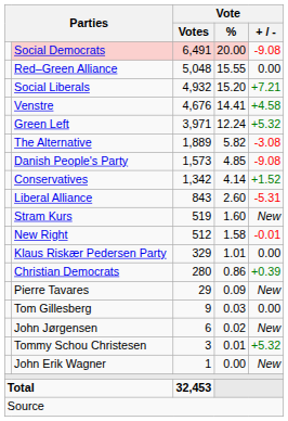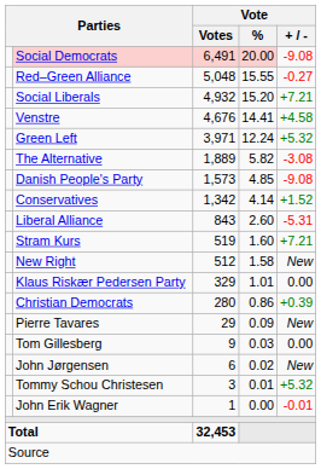 <table class="wikitable" style="text-align:right;">
 <tr>
 <th style="text-align:centre;" rowspan="2" colspan="2" width="225">Parties</th>
 <th colspan="3">Vote</th>
 </tr>
 <tr>
 <th width="15">Votes</th>
 <th width="15">%</th>
 <th width="15">+ / -</th>
 </tr>
 <tr>
 <td width="2" style="color:inherit;background:"></td>
 <td bgcolor=#fbd0ce  align="left"><a href='#'>Social Democrats</a></td>
 <td bgcolor=#fbd0ce>6,491</td>
 <td bgcolor=#fbd0ce>20.00</td>
 <td style=color:red;>-9.08</td>
 </tr>
 <tr>
 <td width="2" style="color:inherit;background:"></td>
 <td align="left"><a href='#'>Red–Green Alliance</a></td>
 <td>5,048</td>
 <td>15.55</td>
-<td>0.00</td>
+<td style=color:red;>-0.27</td>
 </tr>
 <tr>
 <td width="2" style="color:inherit;background:"></td>
 <td align="left"><a href='#'>Social Liberals</a></td>
 <td>4,932</td>
 <td>15.20</td>
 <td style=color:green;>+7.21</td>
 </tr>
 <tr>
 <td width="2" style="color:inherit;background:"></td>
 <td align="left"><a href='#'>Venstre</a></td>
 <td>4,676</td>
 <td>14.41</td>
 <td style=color:green;>+4.58</td>
 </tr>
 <tr>
 <td width="2" style="color:inherit;background:"></td>
 <td align="left"><a href='#'>Green Left</a></td>
 <td>3,971</td>
 <td>12.24</td>
 <td style=color:green;>+5.32</td>
 </tr>
 <tr>
 <td width="2" style="color:inherit;background:"></td>
 <td align="left"><a href='#'>The Alternative</a></td>
 <td>1,889</td>
 <td>5.82</td>
 <td style=color:red;>-3.08</td>
 </tr>
 <tr>
 <td width="2" style="color:inherit;background:"></td>
 <td align="left"><a href='#'>Danish People's Party</a></td>
 <td>1,573</td>
 <td>4.85</td>
 <td style=color:red;>-9.08</td>
 </tr>
 <tr>
 <td width="2" style="color:inherit;background:"></td>
 <td align="left"><a href='#'>Conservatives</a></td>
 <td>1,342</td>
 <td>4.14</td>
 <td style=color:green;>+1.52</td>
 </tr>
 <tr>
 <td width="2" style="color:inherit;background:"></td>
 <td align="left"><a href='#'>Liberal Alliance</a></td>
 <td>843</td>
 <td>2.60</td>
 <td style=color:red;>-5.31</td>
 </tr>
 <tr>
 <td width="2" style="color:inherit;background:"></td>
 <td align="left"><a href='#'>Stram Kurs</a></td>
 <td>519</td>
 <td>1.60</td>
-<td><em>New</em></td>
+<td style=color:green;>+7.21</td>
 </tr>
 <tr>
 <td width="2" style="color:inherit;background:"></td>
 <td align="left"><a href='#'>New Right</a></td>
 <td>512</td>
 <td>1.58</td>
-<td style=color:red;>-0.01</td>
+<td><em>New</em></td>
 </tr>
 <tr>
 <td width="2" style="color:inherit;background:"></td>
 <td align="left"><a href='#'>Klaus Riskær Pedersen Party</a></td>
 <td>329</td>
 <td>1.01</td>
 <td>0.00</td>
 </tr>
 <tr>
 <td width="2" style="color:inherit;background:"></td>
 <td align="left"><a href='#'>Christian Democrats</a></td>
 <td>280</td>
 <td>0.86</td>
 <td style=color:green;>+0.39</td>
 </tr>
 <tr>
 <td width="2" style="color:inherit;background:"></td>
 <td align="left">Pierre Tavares</td>
 <td>29</td>
 <td>0.09</td>
 <td><em>New</em></td>
 </tr>
 <tr>
 <td width="2" style="color:inherit;background:"></td>
 <td align="left">Tom Gillesberg</td>
 <td>9</td>
 <td>0.03</td>
 <td>0.00</td>
 </tr>
 <tr>
 <td width="2" style="color:inherit;background:"></td>
 <td align="left">John Jørgensen</td>
 <td>6</td>
 <td>0.02</td>
 <td><em>New</em></td>
 </tr>
 <tr>
 <td width="2" style="color:inherit;background:"></td>
 <td align="left">Tommy Schou Christesen</td>
 <td>3</td>
 <td>0.01</td>
 <td style=color:green;>+5.32</td>
 </tr>
 <tr>
 <td width="2" style="color:inherit;background:"></td>
 <td align="left">John Erik Wagner</td>
 <td>1</td>
 <td>0.00</td>
-<td><em>New</em></td>
+<td style=color:red;>-0.01</td>
 </tr>
 <tr>
 <td colspan="7" bgcolor="#E9E9E9"></td>
 </tr>
 <tr>
 <td align="left" colspan="2"><strong>Total</strong></td>
 <td><strong>32,453</strong></td>
 <td bgcolor="#E9E9E9" colspan="2"></td>
 </tr>
 <tr>
 <td align="left" colspan="6">Source</td>
 </tr>
 </table>
